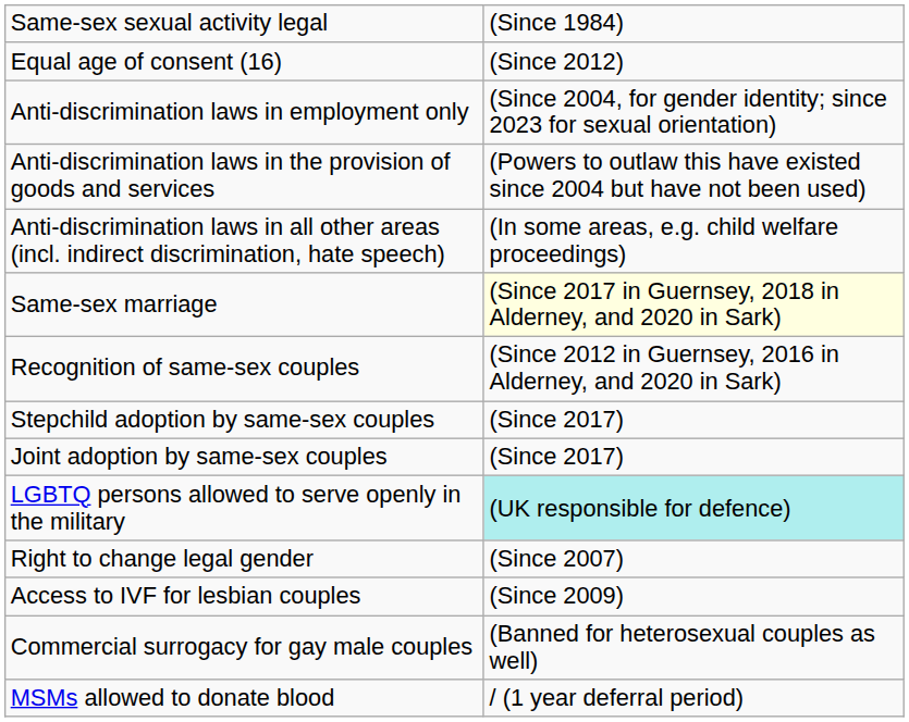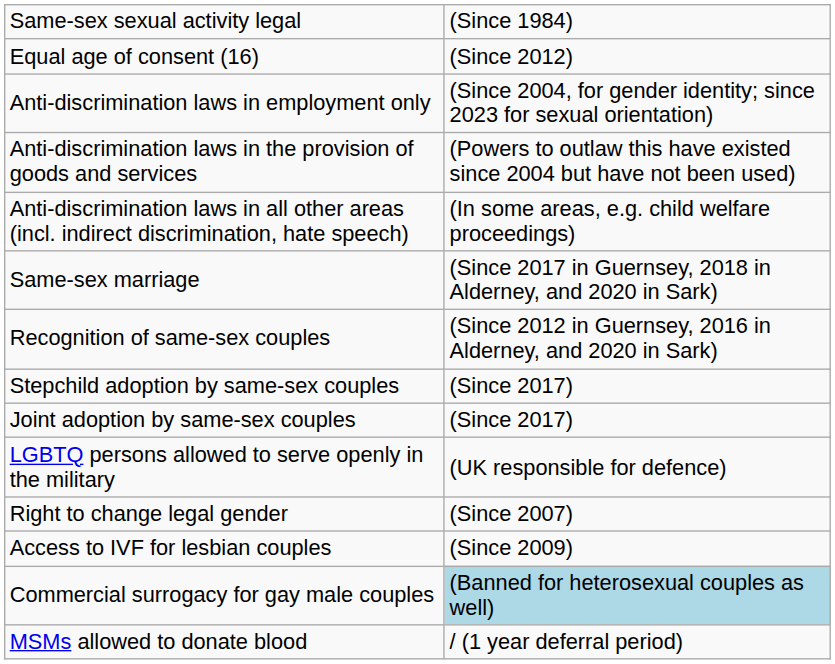 <table class="wikitable">
 <tr>
 <td>Same-sex sexual activity legal</td>
 <td> (Since 1984)</td>
 </tr>
 <tr>
 <td>Equal age of consent (16)</td>
 <td> (Since 2012)</td>
 </tr>
 <tr>
 <td>Anti-discrimination laws in employment only</td>
 <td> (Since 2004, for gender identity; since 2023 for sexual orientation)</td>
 </tr>
 <tr>
 <td>Anti-discrimination laws in the provision of goods and services</td>
 <td> (Powers to outlaw this have existed since 2004 but have not been used)</td>
 </tr>
 <tr>
 <td>Anti-discrimination laws in all other areas (incl. indirect discrimination, hate speech)</td>
 <td> (In some areas, e.g. child welfare proceedings)</td>
 </tr>
 <tr>
 <td>Same-sex marriage</td>
-<td style="background: lightyellow;"> (Since 2017 in Guernsey, 2018 in Alderney, and 2020 in Sark)</td>
+<td> (Since 2017 in Guernsey, 2018 in Alderney, and 2020 in Sark)</td>
 </tr>
 <tr>
 <td>Recognition of same-sex couples</td>
 <td> (Since 2012 in Guernsey, 2016 in Alderney, and 2020 in Sark)</td>
 </tr>
 <tr>
 <td>Stepchild adoption by same-sex couples</td>
 <td> (Since 2017)</td>
 </tr>
 <tr>
 <td>Joint adoption by same-sex couples</td>
 <td> (Since 2017)</td>
 </tr>
 <tr>
 <td><a href='#'>LGBTQ</a> persons allowed to serve openly in the military</td>
-<td style="background: paleturquoise;"> (UK responsible for defence)</td>
+<td> (UK responsible for defence)</td>
 </tr>
 <tr>
 <td>Right to change legal gender</td>
 <td> (Since 2007)</td>
 </tr>
 <tr>
 <td>Access to IVF for lesbian couples</td>
 <td> (Since 2009)</td>
 </tr>
 <tr>
 <td>Commercial surrogacy for gay male couples</td>
-<td> (Banned for heterosexual couples as well)</td>
+<td style="background: lightblue;"> (Banned for heterosexual couples as well)</td>
 </tr>
 <tr>
 <td><a href='#'>MSMs</a> allowed to donate blood</td>
 <td>/ (1 year deferral period)</td>
 </tr>
 </table>
